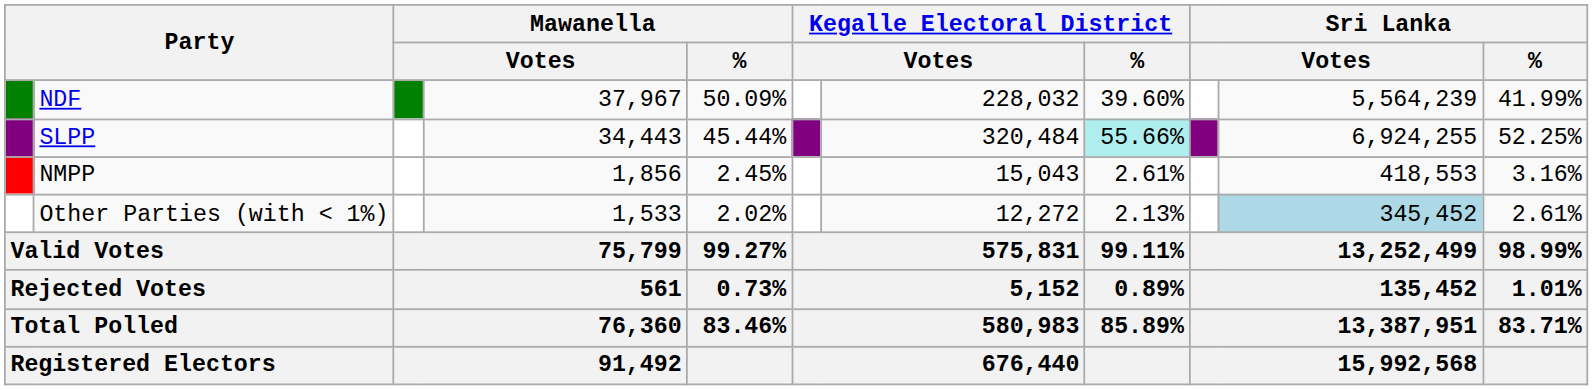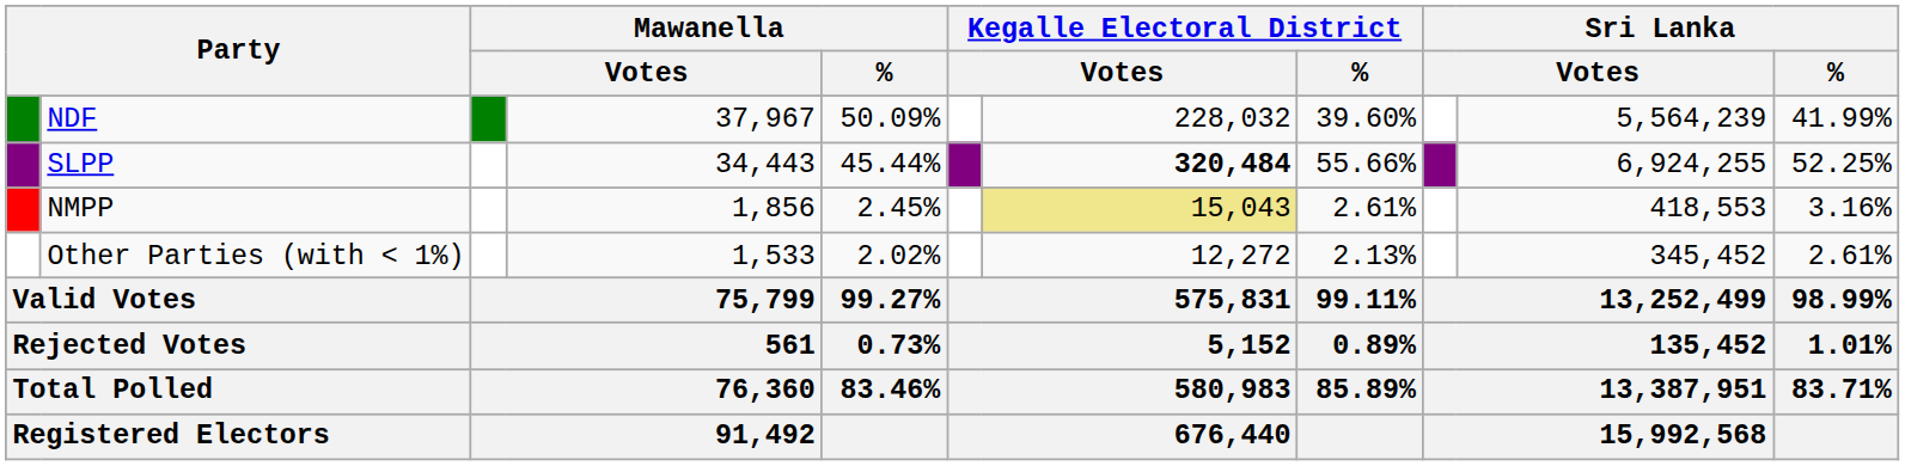 <table class="wikitable">
 <tr>
 <th colspan="2" width="144px"rowspan="2">Party</th>
 <th colspan="3" width="216px">Mawanella</th>
 <th colspan="3" width="216px"><a href='#'>Kegalle Electoral District</a></th>
 <th colspan="3" width="216px">Sri Lanka</th>
 </tr>
 <tr>
 <th colspan="2" width="144px">Votes</th>
 <th>%</th>
 <th colspan="2" width="144px">Votes</th>
 <th>%</th>
 <th colspan="2" width="144px">Votes</th>
 <th>%</th>
 </tr>
 <tr>
 <td style="background-color:green;" width="10px"></td>
 <td style="text-align:left;"><a href='#'>NDF</a></td>
 <td style="background-color:green;" width="10px"></td>
 <td style="text-align:right;">37,967</td>
 <td style="text-align:right;">50.09%</td>
 <td style="background-color:white;" width="10px"></td>
 <td style="text-align:right;">228,032</td>
 <td style="text-align:right;">39.60%</td>
 <td style="background-color:white;" width="10px"></td>
 <td style="text-align:right;">5,564,239</td>
 <td style="text-align:right;">41.99%</td>
 </tr>
 <tr>
 <td style="background-color:purple;" width="10px"></td>
 <td style="text-align:left;"><a href='#'>SLPP</a></td>
 <td style="background-color:white;" width="10px"></td>
 <td style="text-align:right;">34,443</td>
 <td style="text-align:right;">45.44%</td>
 <td style="background-color:purple;" width="10px"></td>
-<td style="text-align:right;">320,484</td>
-<td style="background: paleturquoise; text-align:right;">55.66%</td>
+<td style="text-align:right;"><strong>320,484</strong></td>
+<td style="text-align:right;">55.66%</td>
 <td style="background-color:purple;" width="10px"></td>
 <td style="text-align:right;">6,924,255</td>
 <td style="text-align:right;">52.25%</td>
 </tr>
 <tr>
 <td style="background-color:red;" width="10px"></td>
 <td style="text-align:left;">NMPP</td>
 <td style="background-color:white;" width="10px"></td>
 <td style="text-align:right;">1,856</td>
 <td style="text-align:right;">2.45%</td>
 <td style="background-color:white;" width="10px"></td>
-<td style="text-align:right;">15,043</td>
+<td style="background: khaki; text-align:right;">15,043</td>
 <td style="text-align:right;">2.61%</td>
 <td style="background-color:white;" width="10px"></td>
 <td style="text-align:right;">418,553</td>
 <td style="text-align:right;">3.16%</td>
 </tr>
 <tr>
 <td style="background-color:white;" width="10px"></td>
 <td style="text-align:left;">Other Parties (with < 1%)</td>
 <td style="background-color:white;" width="10px"></td>
 <td style="text-align:right;">1,533</td>
 <td style="text-align:right;">2.02%</td>
 <td style="background-color:white;" width="10px"></td>
 <td style="text-align:right;">12,272</td>
 <td style="text-align:right;">2.13%</td>
 <td style="background-color:white;" width="10px"></td>
-<td style="background: lightblue; text-align:right;">345,452</td>
+<td style="text-align:right;">345,452</td>
 <td style="text-align:right;">2.61%</td>
 </tr>
 <tr>
 <th colspan="2" width="144px"style="text-align:left;">Valid Votes</th>
 <th style="text-align:right;"colspan="2" width="144px">75,799</th>
 <th style="text-align:right;">99.27%</th>
 <th style="text-align:right;"colspan="2" width="144px">575,831</th>
 <th style="text-align:right;">99.11%</th>
 <th style="text-align:right;"colspan="2" width="144px">13,252,499</th>
 <th style="text-align:right;">98.99%</th>
 </tr>
 <tr>
 <th colspan="2" width="144px"style="text-align:left;">Rejected Votes</th>
 <th style="text-align:right;"colspan="2" width="144px">561</th>
 <th style="text-align:right;">0.73%</th>
 <th style="text-align:right;"colspan="2" width="144px">5,152</th>
 <th style="text-align:right;">0.89%</th>
 <th style="text-align:right;"colspan="2" width="144px">135,452</th>
 <th style="text-align:right;">1.01%</th>
 </tr>
 <tr>
 <th colspan="2" width="144px"style="text-align:left;">Total Polled</th>
 <th style="text-align:right;"colspan="2" width="144px">76,360</th>
 <th style="text-align:right;">83.46%</th>
 <th style="text-align:right;"colspan="2" width="144px">580,983</th>
 <th style="text-align:right;">85.89%</th>
 <th style="text-align:right;"colspan="2" width="144px">13,387,951</th>
 <th style="text-align:right;">83.71%</th>
 </tr>
 <tr>
 <th colspan="2" width="144px"style="text-align:left;">Registered Electors</th>
 <th style="text-align:right;"colspan="2" width="144px">91,492</th>
 <th></th>
 <th style="text-align:right;"colspan="2" width="144px">676,440</th>
 <th></th>
 <th style="text-align:right;"colspan="2" width="144px">15,992,568</th>
 <th></th>
 </tr>
 </table>
